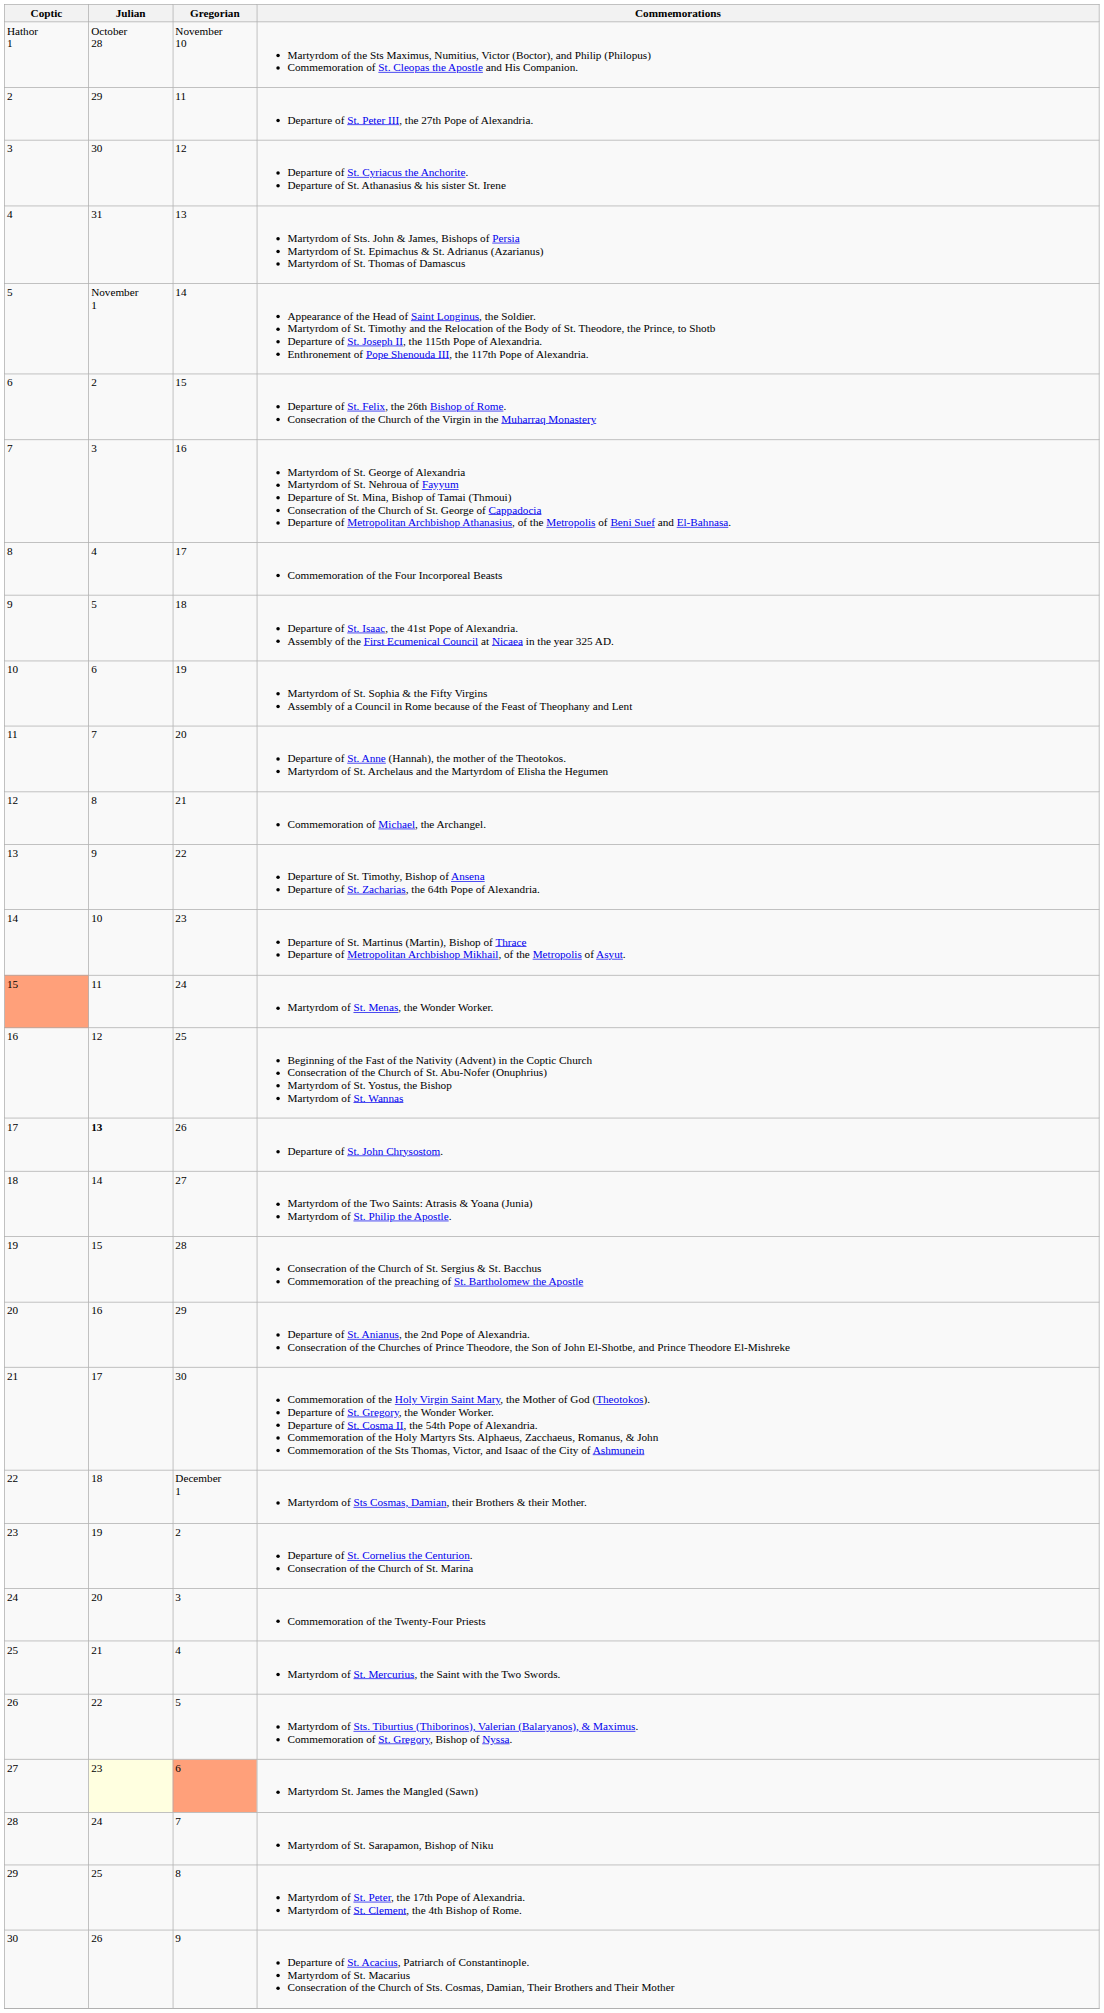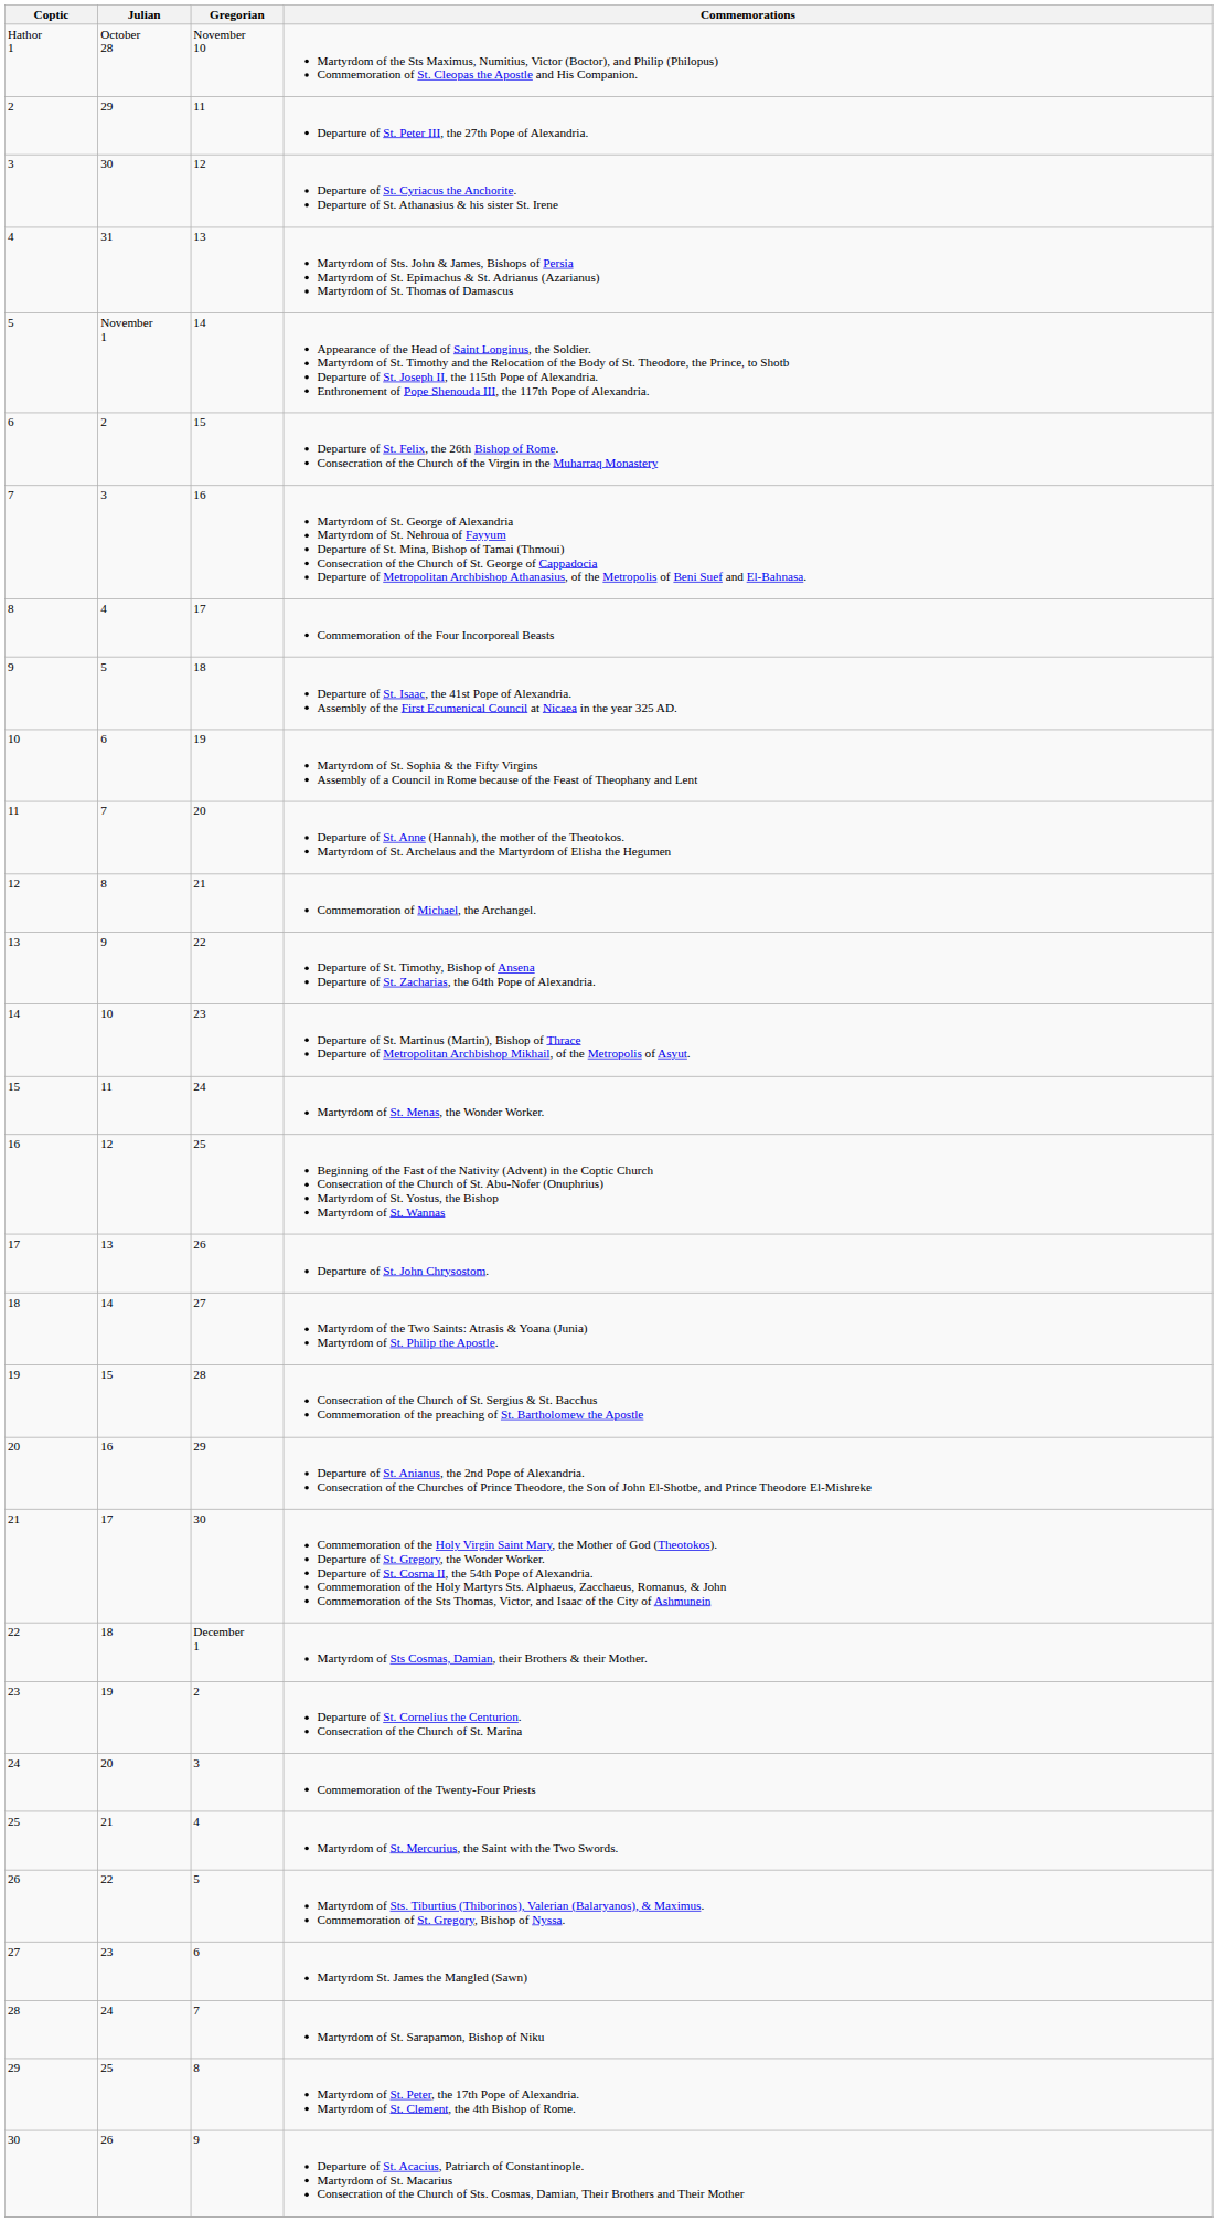 <table class="wikitable">
 <tr>
 <th style="width:5%;">Coptic</th>
 <th style="width:5%;">Julian</th>
 <th style="width:5%;">Gregorian</th>
 <th style="width:50%;">Commemorations</th>
 </tr>
 <tr valign="top">
 <td>Hathor<br>1</td>
 <td>October<br>28</td>
 <td>November<br>10</td>
 <td><br><ul><li>Martyrdom of the Sts Maximus, Numitius, Victor (Boctor), and Philip (Philopus)</li><li>Commemoration of <a href='#'>St. Cleopas the Apostle</a> and His Companion.</li></ul></td>
 </tr>
 <tr valign="top">
 <td>2</td>
 <td>29</td>
 <td>11</td>
 <td><br><ul><li>Departure of <a href='#'>St. Peter III</a>, the 27th Pope of Alexandria.</li></ul></td>
 </tr>
 <tr valign="top">
 <td>3</td>
 <td>30</td>
 <td>12</td>
 <td><br><ul><li>Departure of <a href='#'>St. Cyriacus the Anchorite</a>.</li><li>Departure of St. Athanasius & his sister St. Irene</li></ul></td>
 </tr>
 <tr valign="top">
 <td>4</td>
 <td>31</td>
 <td>13</td>
 <td><br><ul><li>Martyrdom of Sts. John & James, Bishops of <a href='#'>Persia</a></li><li>Martyrdom of St. Epimachus & St. Adrianus (Azarianus)</li><li>Martyrdom of St. Thomas of Damascus</li></ul></td>
 </tr>
 <tr valign="top">
 <td>5</td>
 <td>November<br>1</td>
 <td>14</td>
 <td><br><ul><li>Appearance of the Head of <a href='#'>Saint Longinus</a>, the Soldier.</li><li>Martyrdom of St. Timothy and the Relocation of the Body of St. Theodore, the Prince, to Shotb</li><li>Departure of <a href='#'>St. Joseph II</a>, the 115th Pope of Alexandria.</li><li>Enthronement of <a href='#'>Pope Shenouda III</a>, the 117th Pope of Alexandria.</li></ul></td>
 </tr>
 <tr valign="top">
 <td>6</td>
 <td>2</td>
 <td>15</td>
 <td><br><ul><li>Departure of <a href='#'>St. Felix</a>, the 26th <a href='#'>Bishop of Rome</a>.</li><li>Consecration of the Church of the Virgin in the <a href='#'>Muharraq Monastery</a></li></ul></td>
 </tr>
 <tr valign="top">
 <td>7</td>
 <td>3</td>
 <td>16</td>
 <td><br><ul><li>Martyrdom of St. George of Alexandria</li><li>Martyrdom of St. Nehroua of <a href='#'>Fayyum</a></li><li>Departure of St. Mina, Bishop of Tamai (Thmoui)</li><li>Consecration of the Church of St. George of <a href='#'>Cappadocia</a></li><li>Departure of <a href='#'>Metropolitan Archbishop Athanasius</a>, of the <a href='#'>Metropolis</a> of <a href='#'>Beni Suef</a> and <a href='#'>El-Bahnasa</a>.</li></ul></td>
 </tr>
 <tr valign="top">
 <td>8</td>
 <td>4</td>
 <td>17</td>
 <td><br><ul><li>Commemoration of the Four Incorporeal Beasts</li></ul></td>
 </tr>
 <tr valign="top">
 <td>9</td>
 <td>5</td>
 <td>18</td>
 <td><br><ul><li>Departure of <a href='#'>St. Isaac</a>, the 41st Pope of Alexandria.</li><li>Assembly of the <a href='#'>First Ecumenical Council</a> at <a href='#'>Nicaea</a> in the year 325 AD.</li></ul></td>
 </tr>
 <tr valign="top">
 <td>10</td>
 <td>6</td>
 <td>19</td>
 <td><br><ul><li>Martyrdom of St. Sophia & the Fifty Virgins</li><li>Assembly of a Council in Rome because of the Feast of Theophany and Lent</li></ul></td>
 </tr>
 <tr valign="top">
 <td>11</td>
 <td>7</td>
 <td>20</td>
 <td><br><ul><li>Departure of <a href='#'>St. Anne</a> (Hannah), the mother of the Theotokos.</li><li>Martyrdom of St. Archelaus and the Martyrdom of Elisha the Hegumen</li></ul></td>
 </tr>
 <tr valign="top">
 <td>12</td>
 <td>8</td>
 <td>21</td>
 <td><br><ul><li>Commemoration of <a href='#'>Michael</a>, the Archangel.</li></ul></td>
 </tr>
 <tr valign="top">
 <td>13</td>
 <td>9</td>
 <td>22</td>
 <td><br><ul><li>Departure of St. Timothy, Bishop of <a href='#'>Ansena</a></li><li>Departure of <a href='#'>St. Zacharias</a>, the 64th Pope of Alexandria.</li></ul></td>
 </tr>
 <tr valign="top">
 <td>14</td>
 <td>10</td>
 <td>23</td>
 <td><br><ul><li>Departure of St. Martinus (Martin), Bishop of <a href='#'>Thrace</a></li><li>Departure of <a href='#'>Metropolitan Archbishop Mikhail</a>, of the <a href='#'>Metropolis</a> of <a href='#'>Asyut</a>.</li></ul></td>
 </tr>
 <tr valign="top">
-<td style="background: lightsalmon;">15</td>
+<td>15</td>
 <td>11</td>
 <td>24</td>
 <td><br><ul><li>Martyrdom of <a href='#'>St. Menas</a>, the Wonder Worker.</li></ul></td>
 </tr>
 <tr valign="top">
 <td>16</td>
 <td>12</td>
 <td>25</td>
 <td><br><ul><li>Beginning of the Fast of the Nativity (Advent) in the Coptic Church</li><li>Consecration of the Church of St. Abu-Nofer (Onuphrius)</li><li>Martyrdom of St. Yostus, the Bishop</li><li>Martyrdom of <a href='#'>St. Wannas</a></li></ul></td>
 </tr>
 <tr valign="top">
 <td>17</td>
-<td><strong>13</strong></td>
+<td>13</td>
 <td>26</td>
 <td><br><ul><li>Departure of <a href='#'>St. John Chrysostom</a>.</li></ul></td>
 </tr>
 <tr valign="top">
 <td>18</td>
 <td>14</td>
 <td>27</td>
 <td><br><ul><li>Martyrdom of the Two Saints: Atrasis & Yoana (Junia)</li><li>Martyrdom of <a href='#'>St. Philip the Apostle</a>.</li></ul></td>
 </tr>
 <tr valign="top">
 <td>19</td>
 <td>15</td>
 <td>28</td>
 <td><br><ul><li>Consecration of the Church of St. Sergius & St. Bacchus</li><li>Commemoration of the preaching of <a href='#'>St. Bartholomew the Apostle</a></li></ul></td>
 </tr>
 <tr valign="top">
 <td>20</td>
 <td>16</td>
 <td>29</td>
 <td><br><ul><li>Departure of <a href='#'>St. Anianus</a>, the 2nd Pope of Alexandria.</li><li>Consecration of the Churches of Prince Theodore, the Son of John El-Shotbe, and Prince Theodore El-Mishreke</li></ul></td>
 </tr>
 <tr valign="top">
 <td>21</td>
 <td>17</td>
 <td>30</td>
 <td><br><ul><li>Commemoration of the <a href='#'>Holy Virgin Saint Mary</a>, the Mother of God (<a href='#'>Theotokos</a>).</li><li>Departure of <a href='#'>St. Gregory</a>, the Wonder Worker.</li><li>Departure of <a href='#'>St. Cosma II</a>, the 54th Pope of Alexandria.</li><li>Commemoration of the Holy Martyrs Sts. Alphaeus, Zacchaeus, Romanus, & John</li><li>Commemoration of the Sts Thomas, Victor, and Isaac of the City of <a href='#'>Ashmunein</a></li></ul></td>
 </tr>
 <tr valign="top">
 <td>22</td>
 <td>18</td>
 <td>December<br>1</td>
 <td><br><ul><li>Martyrdom of <a href='#'>Sts Cosmas, Damian</a>, their Brothers & their Mother.</li></ul></td>
 </tr>
 <tr valign="top">
 <td>23</td>
 <td>19</td>
 <td>2</td>
 <td><br><ul><li>Departure of <a href='#'>St. Cornelius the Centurion</a>.</li><li>Consecration of the Church of St. Marina</li></ul></td>
 </tr>
 <tr valign="top">
 <td>24</td>
 <td>20</td>
 <td>3</td>
 <td><br><ul><li>Commemoration of the Twenty-Four Priests</li></ul></td>
 </tr>
 <tr valign="top">
 <td>25</td>
 <td>21</td>
 <td>4</td>
 <td><br><ul><li>Martyrdom of <a href='#'>St. Mercurius</a>, the Saint with the Two Swords.</li></ul></td>
 </tr>
 <tr valign="top">
 <td>26</td>
 <td>22</td>
 <td>5</td>
 <td><br><ul><li>Martyrdom of <a href='#'>Sts. Tiburtius (Thiborinos), Valerian (Balaryanos), & Maximus</a>.</li><li>Commemoration of <a href='#'>St. Gregory</a>, Bishop of <a href='#'>Nyssa</a>.</li></ul></td>
 </tr>
 <tr valign="top">
 <td>27</td>
-<td style="background: lightyellow;">23</td>
-<td style="background: lightsalmon;">6</td>
+<td>23</td>
+<td>6</td>
 <td><br><ul><li>Martyrdom St. James the Mangled (Sawn)</li></ul></td>
 </tr>
 <tr valign="top">
 <td>28</td>
 <td>24</td>
 <td>7</td>
 <td><br><ul><li>Martyrdom of St. Sarapamon, Bishop of Niku</li></ul></td>
 </tr>
 <tr valign="top">
 <td>29</td>
 <td>25</td>
 <td>8</td>
 <td><br><ul><li>Martyrdom of <a href='#'>St. Peter</a>, the 17th Pope of Alexandria.</li><li>Martyrdom of <a href='#'>St. Clement</a>, the 4th Bishop of Rome.</li></ul></td>
 </tr>
 <tr valign="top">
 <td>30</td>
 <td>26</td>
 <td>9</td>
 <td><br><ul><li>Departure of <a href='#'>St. Acacius</a>, Patriarch of Constantinople.</li><li>Martyrdom of St. Macarius</li><li>Consecration of the Church of Sts. Cosmas, Damian, Their Brothers and Their Mother</li></ul></td>
 </tr>
 <tr valign="top">
 </tr>
 </table>
